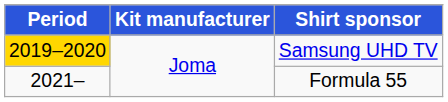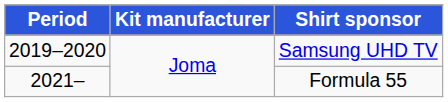 <table class="wikitable" style="text-align:center;">
 <tr>
 </tr>
 <tr>
 <th style="color:white; background:#2B55DB;">Period</th>
 <th style="color:white; background:#2B55DB;">Kit manufacturer</th>
 <th style="color:white; background:#2B55DB;">Shirt sponsor</th>
 </tr>
 <tr>
-<td style="background: gold;">2019–2020</td>
+<td>2019–2020</td>
 <td rowspan="2"><a href='#'>Joma</a></td>
 <td><a href='#'>Samsung UHD TV</a></td>
 </tr>
 <tr>
 <td>2021–</td>
 <td>Formula 55</td>
 </tr>
 </table>
